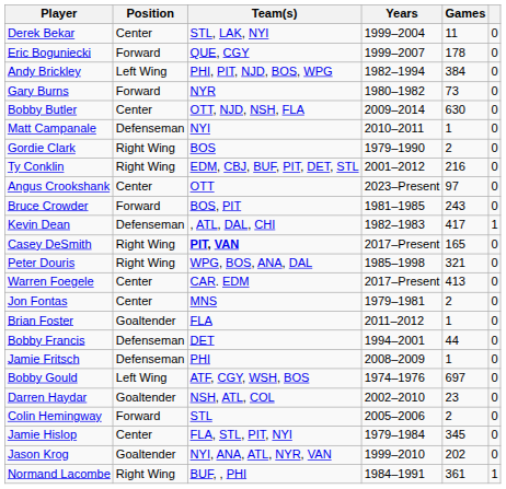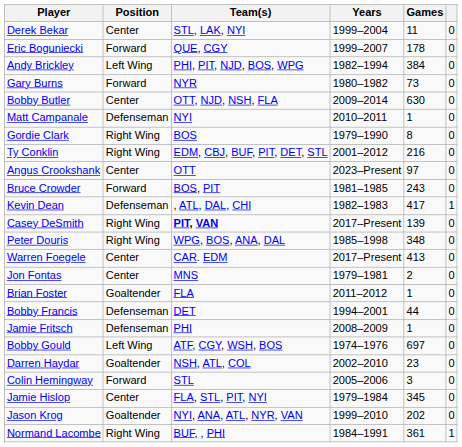 <table class="wikitable sortable">
 <tr>
 <th>Player</th>
 <th>Position</th>
 <th>Team(s)</th>
 <th>Years</th>
 <th>Games</th>
 <th><a href='#'></a></th>
 </tr>
 <tr>
 <td><a href='#'>Derek Bekar</a></td>
 <td>Center</td>
 <td><a href='#'>STL</a>, <a href='#'>LAK</a>, <a href='#'>NYI</a></td>
 <td>1999–2004</td>
 <td>11</td>
 <td>0</td>
 </tr>
 <tr>
 <td><a href='#'>Eric Boguniecki</a></td>
 <td>Forward</td>
 <td><a href='#'>QUE</a>, <a href='#'>CGY</a></td>
 <td>1999–2007</td>
 <td>178</td>
 <td>0</td>
 </tr>
 <tr>
 <td><a href='#'>Andy Brickley</a></td>
 <td>Left Wing</td>
 <td><a href='#'>PHI</a>, <a href='#'>PIT</a>, <a href='#'>NJD</a>, <a href='#'>BOS</a>, <a href='#'>WPG</a></td>
 <td>1982–1994</td>
 <td>384</td>
 <td>0</td>
 </tr>
 <tr>
 <td><a href='#'>Gary Burns</a></td>
 <td>Forward</td>
 <td><a href='#'>NYR</a></td>
 <td>1980–1982</td>
 <td>73</td>
 <td>0</td>
 </tr>
 <tr>
 <td><a href='#'>Bobby Butler</a></td>
 <td>Center</td>
 <td><a href='#'>OTT</a>, <a href='#'>NJD</a>, <a href='#'>NSH</a>, <a href='#'>FLA</a></td>
 <td>2009–2014</td>
 <td>630</td>
 <td>0</td>
 </tr>
 <tr>
 <td><a href='#'>Matt Campanale</a></td>
 <td>Defenseman</td>
 <td><a href='#'>NYI</a></td>
 <td>2010–2011</td>
 <td>1</td>
 <td>0</td>
 </tr>
 <tr>
 <td><a href='#'>Gordie Clark</a></td>
 <td>Right Wing</td>
 <td><a href='#'>BOS</a></td>
 <td>1979–1990</td>
-<td>2</td>
+<td>8</td>
 <td>0</td>
 </tr>
 <tr>
 <td><a href='#'>Ty Conklin</a></td>
 <td>Right Wing</td>
 <td><a href='#'>EDM</a>, <a href='#'>CBJ</a>, <a href='#'>BUF</a>, <a href='#'>PIT</a>, <a href='#'>DET</a>, <a href='#'>STL</a></td>
 <td>2001–2012</td>
 <td>216</td>
 <td>0</td>
 </tr>
 <tr>
 <td><a href='#'>Angus Crookshank</a></td>
 <td>Center</td>
 <td><a href='#'>OTT</a></td>
 <td>2023–Present</td>
 <td>97</td>
 <td>0</td>
 </tr>
 <tr>
 <td><a href='#'>Bruce Crowder</a></td>
 <td>Forward</td>
 <td><a href='#'>BOS</a>, <a href='#'>PIT</a></td>
 <td>1981–1985</td>
 <td>243</td>
 <td>0</td>
 </tr>
 <tr>
 <td><a href='#'>Kevin Dean</a></td>
 <td>Defenseman</td>
 <td><span><strong></strong></span>, <a href='#'>ATL</a>, <a href='#'>DAL</a>, <a href='#'>CHI</a></td>
 <td>1982–1983</td>
 <td>417</td>
 <td>1</td>
 </tr>
 <tr>
 <td><a href='#'>Casey DeSmith</a></td>
 <td>Right Wing</td>
 <td><strong><a href='#'>PIT</a>, <a href='#'>VAN</a></strong></td>
 <td>2017–Present</td>
-<td>165</td>
+<td>139</td>
 <td>0</td>
 </tr>
 <tr>
 <td><a href='#'>Peter Douris</a></td>
 <td>Right Wing</td>
 <td><a href='#'>WPG</a>, <a href='#'>BOS</a>, <a href='#'>ANA</a>, <a href='#'>DAL</a></td>
 <td>1985–1998</td>
-<td>321</td>
+<td>348</td>
 <td>0</td>
 </tr>
 <tr>
 <td><a href='#'>Warren Foegele</a></td>
 <td>Center</td>
 <td><a href='#'>CAR</a>. <a href='#'>EDM</a></td>
 <td>2017–Present</td>
 <td>413</td>
 <td>0</td>
 </tr>
 <tr>
 <td><a href='#'>Jon Fontas</a></td>
 <td>Center</td>
 <td><a href='#'>MNS</a></td>
 <td>1979–1981</td>
 <td>2</td>
 <td>0</td>
 </tr>
 <tr>
 <td><a href='#'>Brian Foster</a></td>
 <td>Goaltender</td>
 <td><a href='#'>FLA</a></td>
 <td>2011–2012</td>
 <td>1</td>
 <td>0</td>
 </tr>
 <tr>
 <td><a href='#'>Bobby Francis</a></td>
 <td>Defenseman</td>
 <td><a href='#'>DET</a></td>
 <td>1994–2001</td>
 <td>44</td>
 <td>0</td>
 </tr>
 <tr>
 <td><a href='#'>Jamie Fritsch</a></td>
 <td>Defenseman</td>
 <td><a href='#'>PHI</a></td>
 <td>2008–2009</td>
 <td>1</td>
 <td>0</td>
 </tr>
 <tr>
 <td><a href='#'>Bobby Gould</a></td>
 <td>Left Wing</td>
 <td><a href='#'>ATF</a>, <a href='#'>CGY</a>, <a href='#'>WSH</a>, <a href='#'>BOS</a></td>
 <td>1974–1976</td>
 <td>697</td>
 <td>0</td>
 </tr>
 <tr>
 <td><a href='#'>Darren Haydar</a></td>
 <td>Goaltender</td>
 <td><a href='#'>NSH</a>, <a href='#'>ATL</a>, <a href='#'>COL</a></td>
 <td>2002–2010</td>
 <td>23</td>
 <td>0</td>
 </tr>
 <tr>
 <td><a href='#'>Colin Hemingway</a></td>
 <td>Forward</td>
 <td><a href='#'>STL</a></td>
 <td>2005–2006</td>
-<td>2</td>
+<td>3</td>
 <td>0</td>
 </tr>
 <tr>
 <td><a href='#'>Jamie Hislop</a></td>
 <td>Center</td>
 <td><a href='#'>FLA</a>, <a href='#'>STL</a>, <a href='#'>PIT</a>, <a href='#'>NYI</a></td>
 <td>1979–1984</td>
 <td>345</td>
 <td>0</td>
 </tr>
 <tr>
 <td><a href='#'>Jason Krog</a></td>
 <td>Goaltender</td>
 <td><a href='#'>NYI</a>, <a href='#'>ANA</a>, <a href='#'>ATL</a>, <a href='#'>NYR</a>, <a href='#'>VAN</a></td>
 <td>1999–2010</td>
 <td>202</td>
 <td>0</td>
 </tr>
 <tr>
 <td><a href='#'>Normand Lacombe</a></td>
 <td>Right Wing</td>
 <td><a href='#'>BUF</a>, <span><strong></strong></span>, <a href='#'>PHI</a></td>
 <td>1984–1991</td>
 <td>361</td>
 <td>1</td>
 </tr>
 </table>
